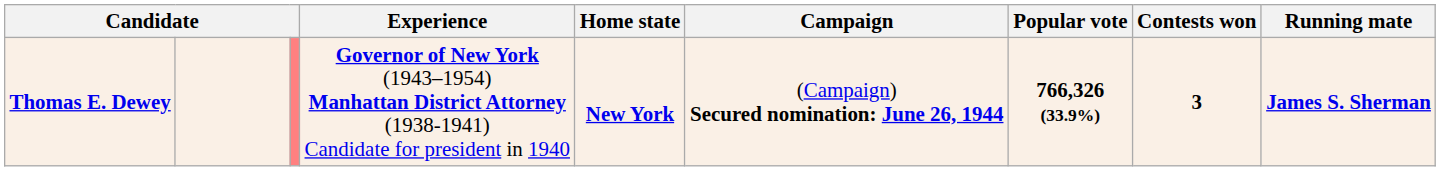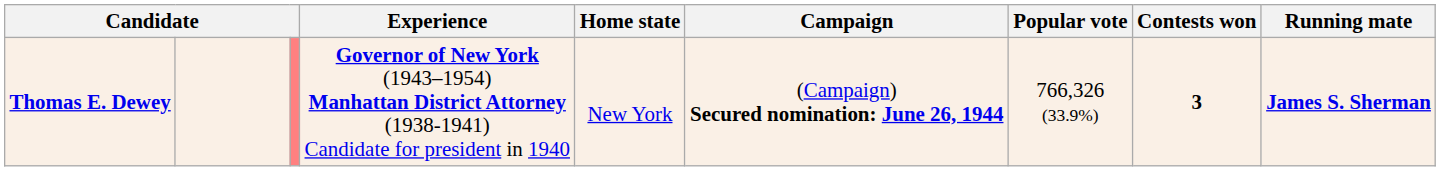 <table class="wikitable sortable" style="text-align:center;">
 <tr>
 <th colspan="3">Candidate</th>
 <th class="unsortable"><strong>Experience</strong></th>
 <th>Home state</th>
 <th data-sort-type="date">Campaign</th>
 <th>Popular vote</th>
 <th>Contests won</th>
 <th>Running mate</th>
 </tr>
 <tr style="background:linen;">
 <th data-sort-="" scope="row" style="background:linen;"><a href='#'>Thomas E. Dewey</a></th>
 <td style="min-width:80px;"></td>
 <td style="background:#FF8080;"></td>
 <td><strong><a href='#'>Governor of New York</a></strong><br>(1943–1954)<br><strong><a href='#'>Manhattan District Attorney</a></strong><br>(1938-1941)<br><a href='#'>Candidate for president</a> in <a href='#'>1940</a></td>
-<td><strong><br><a href='#'>New York</a></strong></td>
+<td><br><a href='#'>New York</a></td>
 <td>(<a href='#'>Campaign</a>)<br><strong>Secured nomination:</strong>  <strong><a href='#'>June 26, 1944</a></strong></td>
-<td><strong>766,326<br><small>(33.9%)</small></strong></td>
+<td>766,326<br><small>(33.9%)</small></td>
 <td><strong>3</strong></td>
 <td><strong><a href='#'>James S. Sherman</a></strong></td>
 </tr>
 </table>
